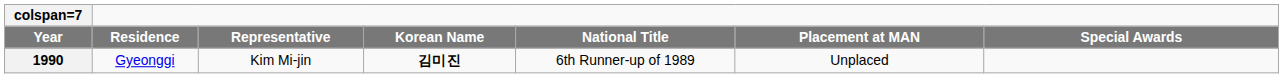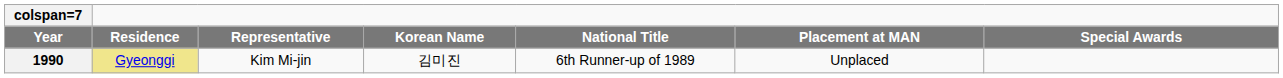 <table class="wikitable sortable" style="font-size: 85%; text-align:center">
 <tr>
 <th>colspan=7 </th>
 </tr>
 <tr>
 <th width="80" style="background-color:#787878;color:#FFFFFF;">Year</th>
 <th width="100" style="background-color:#787878;color:#FFFFFF;">Residence</th>
 <th width="160" style="background-color:#787878;color:#FFFFFF;">Representative</th>
 <th width="150" style="background-color:#787878;color:#FFFFFF;">Korean Name</th>
 <th width="220" style="background-color:#787878;color:#FFFFFF;">National Title</th>
 <th width="250" style="background-color:#787878;color:#FFFFFF;">Placement at MAN</th>
 <th width="300" style="background-color:#787878;color:#FFFFFF;">Special Awards</th>
 </tr>
 <tr>
 <th>1990</th>
-<td><a href='#'>Gyeonggi</a></td>
+<td style="background: khaki;"><a href='#'>Gyeonggi</a></td>
 <td>Kim Mi-jin</td>
-<td><strong>김미진</strong></td>
+<td>김미진</td>
 <td>6th Runner-up of 1989</td>
 <td>Unplaced</td>
 <td></td>
 </tr>
 </table>
